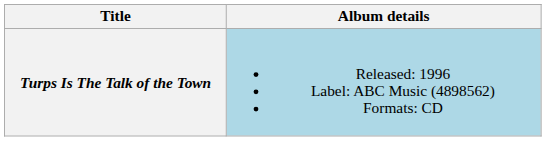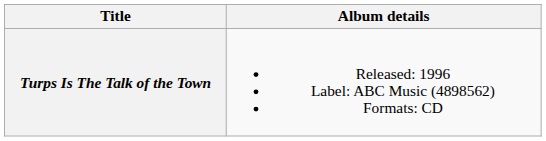 <table class="wikitable plainrowheaders" style="text-align:center;">
 <tr>
 <th scope="col" rowspan="1" style="width:14em;">Title</th>
 <th scope="col" rowspan="1" style="width:20em;">Album details</th>
 </tr>
 <tr>
 <th scope="row"><em>Turps Is The Talk of the Town</em></th>
-<td style="background: lightblue;"><br><ul><li>Released: 1996</li><li>Label: ABC Music (4898562)</li><li>Formats: CD</li></ul></td>
+<td><br><ul><li>Released: 1996</li><li>Label: ABC Music (4898562)</li><li>Formats: CD</li></ul></td>
 </tr>
 </table>
